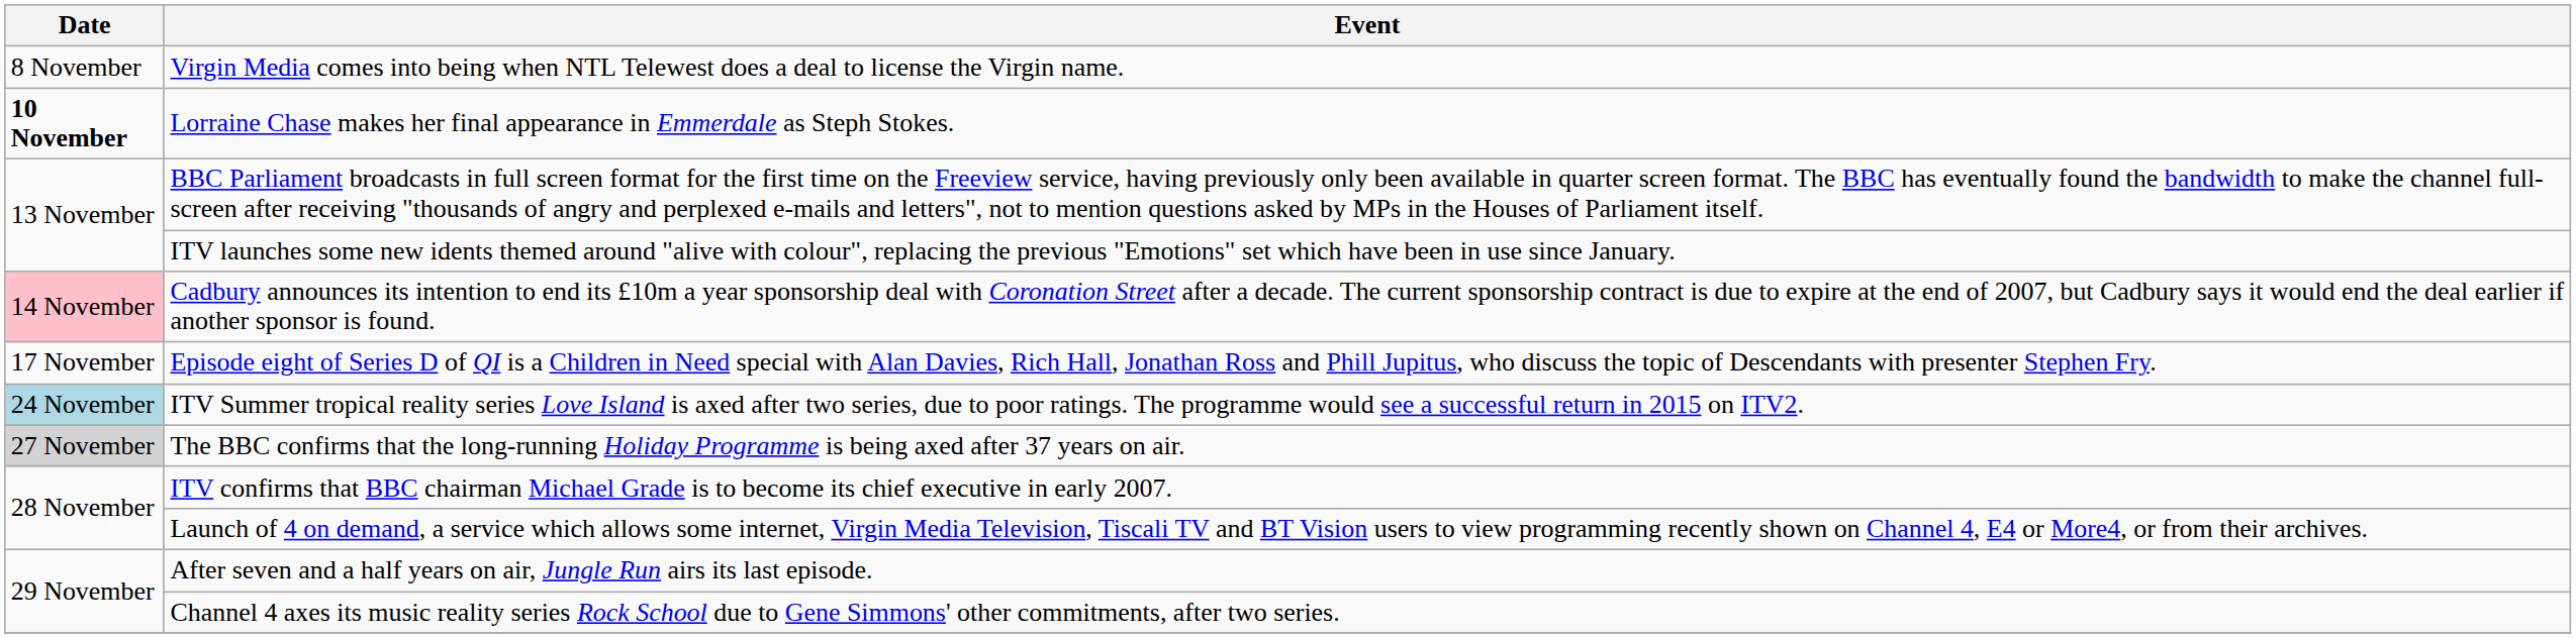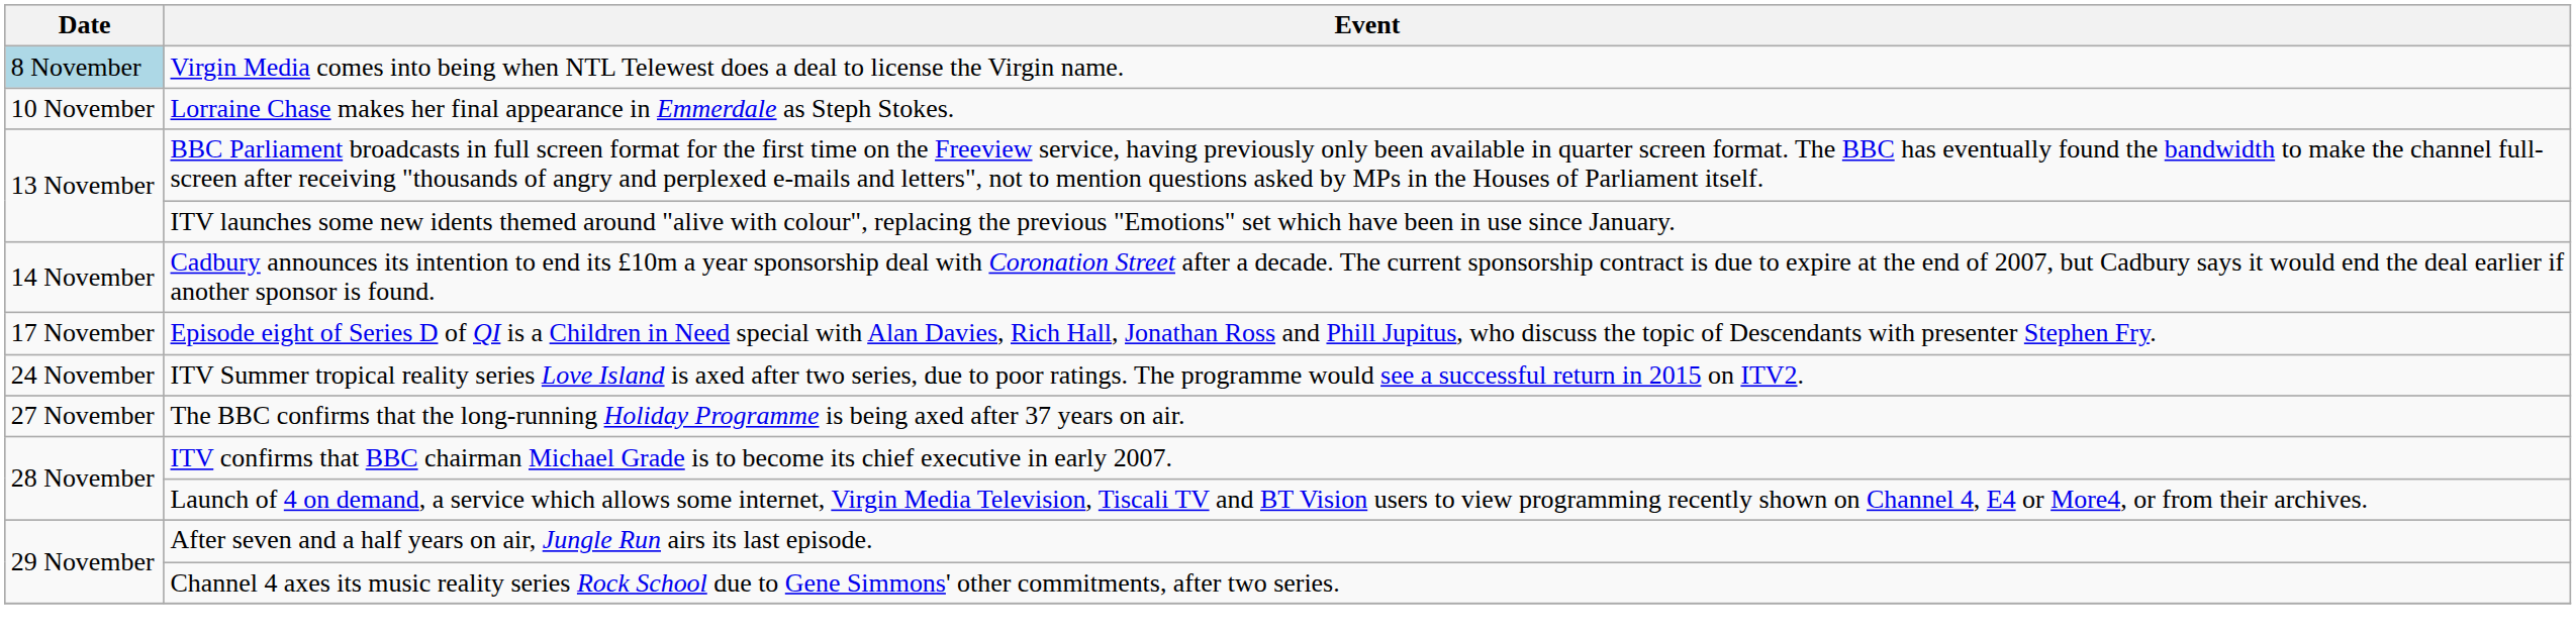 <table class="wikitable">
 <tr>
 <th width=90>Date</th>
 <th>Event</th>
 </tr>
 <tr>
-<td>8 November</td>
+<td style="background: lightblue;">8 November</td>
 <td><a href='#'>Virgin Media</a> comes into being when NTL Telewest does a deal to license the Virgin name.</td>
 </tr>
 <tr>
-<td><strong>10 November</strong></td>
+<td>10 November</td>
 <td><a href='#'>Lorraine Chase</a> makes her final appearance in <em><a href='#'>Emmerdale</a></em> as Steph Stokes.</td>
 </tr>
 <tr>
 <td rowspan=2>13 November</td>
 <td><a href='#'>BBC Parliament</a> broadcasts in full screen format for the first time on the <a href='#'>Freeview</a> service, having previously only been available in quarter screen format. The <a href='#'>BBC</a> has eventually found the <a href='#'>bandwidth</a> to make the channel full-screen after receiving "thousands of angry and perplexed e-mails and letters", not to mention questions asked by MPs in the Houses of Parliament itself.</td>
 </tr>
 <tr>
 <td>ITV launches some new idents themed around "alive with colour", replacing the previous "Emotions" set which have been in use since January.</td>
 </tr>
 <tr>
-<td style="background: pink;">14 November</td>
+<td>14 November</td>
 <td><a href='#'>Cadbury</a> announces its intention to end its £10m a year sponsorship deal with <em><a href='#'>Coronation Street</a></em> after a decade. The current sponsorship contract is due to expire at the end of 2007, but Cadbury says it would end the deal earlier if another sponsor is found.</td>
 </tr>
 <tr>
 <td>17 November</td>
 <td><a href='#'>Episode eight of Series D</a> of <em><a href='#'>QI</a></em> is a <a href='#'>Children in Need</a> special with <a href='#'>Alan Davies</a>, <a href='#'>Rich Hall</a>, <a href='#'>Jonathan Ross</a> and <a href='#'>Phill Jupitus</a>, who discuss the topic of Descendants with presenter <a href='#'>Stephen Fry</a>.</td>
 </tr>
 <tr>
-<td style="background: lightblue;">24 November</td>
+<td>24 November</td>
 <td>ITV Summer tropical reality series <em><a href='#'>Love Island</a></em> is axed after two series, due to poor ratings. The programme would <a href='#'>see a successful return in 2015</a> on <a href='#'>ITV2</a>.</td>
 </tr>
 <tr>
-<td style="background: lightgrey;">27 November</td>
+<td>27 November</td>
 <td>The BBC confirms that the long-running <em><a href='#'>Holiday Programme</a></em> is being axed after 37 years on air.</td>
 </tr>
 <tr>
 <td rowspan=2>28 November</td>
 <td><a href='#'>ITV</a> confirms that <a href='#'>BBC</a> chairman <a href='#'>Michael Grade</a> is to become its chief executive in early 2007.</td>
 </tr>
 <tr>
 <td>Launch of <a href='#'>4 on demand</a>, a service which allows some internet, <a href='#'>Virgin Media Television</a>, <a href='#'>Tiscali TV</a> and <a href='#'>BT Vision</a> users to view programming recently shown on <a href='#'>Channel 4</a>, <a href='#'>E4</a> or <a href='#'>More4</a>, or from their archives.</td>
 </tr>
 <tr>
 <td rowspan=2>29 November</td>
 <td>After seven and a half years on air, <em><a href='#'>Jungle Run</a></em> airs its last episode.</td>
 </tr>
 <tr>
 <td>Channel 4 axes its music reality series <em><a href='#'>Rock School</a></em> due to <a href='#'>Gene Simmons</a>' other commitments, after two series.</td>
 </tr>
 <tr>
 </tr>
 </table>
